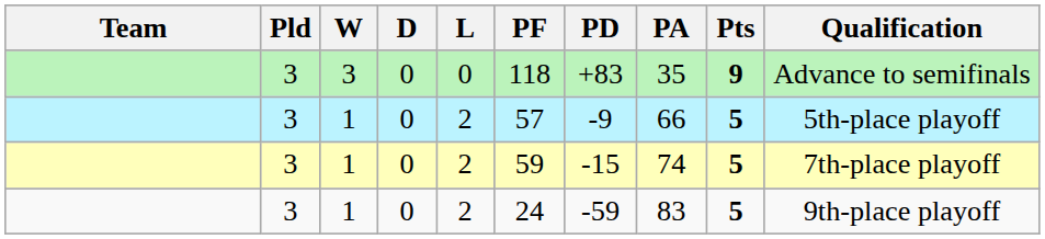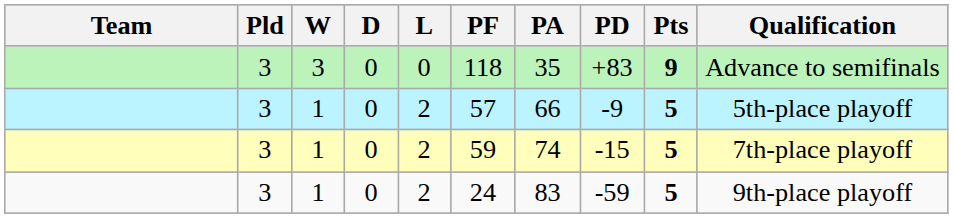 <table class="wikitable" style="text-align:center;">
 <tr>
 <th width=135>Team</th>
 <th width=25 abbr="Played">Pld</th>
 <th width=25 abbr="Won">W</th>
 <th width=25 abbr="Drawn">D</th>
 <th width=25 abbr="Lost">L</th>
 <th width=32 abbr="Points for">PF</th>
+<th width=32 abbr="Points against">PA</th>
 <th width=32 abbr="Points difference">PD</th>
-<th width=32 abbr="Points against">PA</th>
 <th width=25 abbr="Points">Pts</th>
 <th width=145>Qualification</th>
 </tr>
 <tr style="background:#BBF3BB;">
 <td align=left></td>
 <td>3</td>
 <td>3</td>
 <td>0</td>
 <td>0</td>
 <td>118</td>
+<td>35</td>
 <td>+83</td>
-<td>35</td>
 <td><strong>9</strong></td>
 <td>Advance to semifinals</td>
 </tr>
 <tr style="background:#BBF3FF;">
 <td align=left></td>
 <td>3</td>
 <td>1</td>
 <td>0</td>
 <td>2</td>
 <td>57</td>
+<td>66</td>
 <td>-9</td>
-<td>66</td>
 <td><strong>5</strong></td>
 <td>5th-place playoff</td>
 </tr>
 <tr style="background:#FFFFBB;">
 <td align=left></td>
 <td>3</td>
 <td>1</td>
 <td>0</td>
 <td>2</td>
 <td>59</td>
+<td>74</td>
 <td>-15</td>
-<td>74</td>
 <td><strong>5</strong></td>
 <td>7th-place playoff</td>
 </tr>
 <tr>
 <td align=left></td>
 <td>3</td>
 <td>1</td>
 <td>0</td>
 <td>2</td>
 <td>24</td>
+<td>83</td>
 <td>-59</td>
-<td>83</td>
 <td><strong>5</strong></td>
 <td>9th-place playoff</td>
 </tr>
 </table>
